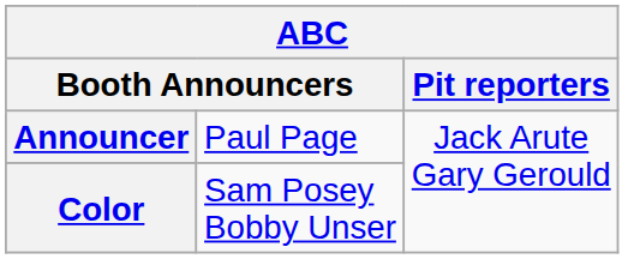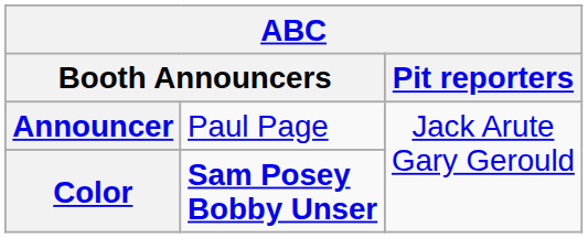 <table class="wikitable" style="font-size: 95%;">
 <tr>
 <th colspan=3><a href='#'>ABC</a></th>
 </tr>
 <tr>
 <th colspan=2>Booth Announcers</th>
 <th><a href='#'>Pit reporters</a></th>
 </tr>
 <tr>
 <th><a href='#'>Announcer</a></th>
 <td><a href='#'>Paul Page</a></td>
 <td align="center" rowspan=2 valign="top"><a href='#'>Jack Arute</a><br><a href='#'>Gary Gerould</a></td>
 </tr>
 <tr>
 <th><a href='#'>Color</a></th>
-<td><a href='#'>Sam Posey</a><br><a href='#'>Bobby Unser</a></td>
+<td><strong><a href='#'>Sam Posey</a><br><a href='#'>Bobby Unser</a></strong></td>
 </tr>
 </table>
